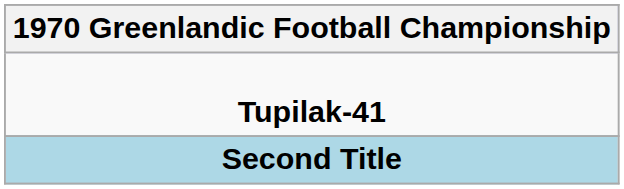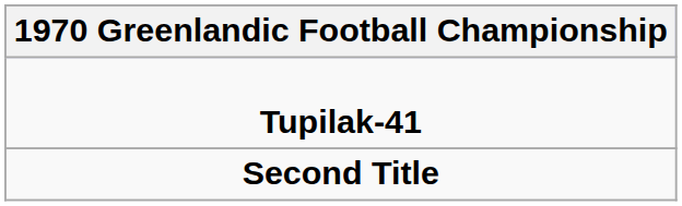 <table class="wikitable" style="margin: 1em auto 1em auto;">
 <tr bgcolor="#CCCCFF" align="center">
 <th>1970 Greenlandic Football Championship</th>
 </tr>
 <tr>
 <td align="center"><br><strong>Tupilak-41</strong></td>
 </tr>
 <tr>
-<td align="center" style="background: lightblue;"><strong>Second Title</strong></td>
+<td align="center"><strong>Second Title</strong></td>
 </tr>
 </table>
